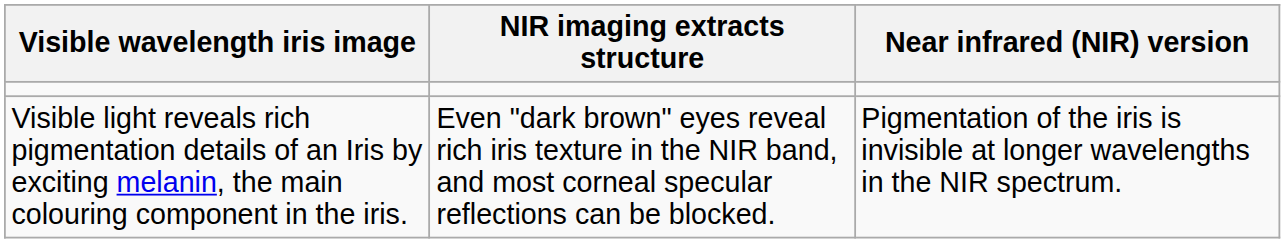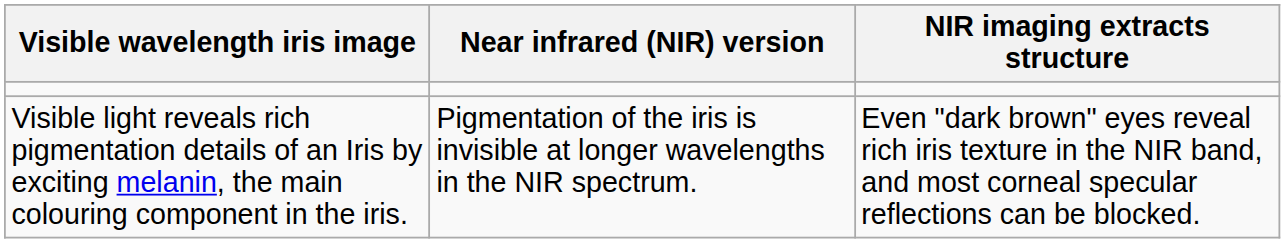 <table class="wikitable">
 <tr>
 <th style="width:230px">Visible wavelength iris image</th>
+<th style="width:230px">Near infrared (NIR) version</th>
 <th style="width:230px">NIR imaging extracts structure</th>
-<th style="width:230px">Near infrared (NIR) version</th>
 </tr>
 <tr>
 <td></td>
 <td></td>
 <td></td>
 </tr>
 <tr>
 <td>Visible light reveals rich pigmentation details of an Iris by exciting <a href='#'>melanin</a>, the main colouring component in the iris.</td>
+<td>Pigmentation of the iris is invisible at longer wavelengths in the NIR spectrum.<br> </td>
 <td>Even "dark brown" eyes reveal rich iris texture in the NIR band, and most corneal specular reflections can be blocked.</td>
-<td>Pigmentation of the iris is invisible at longer wavelengths in the NIR spectrum.<br> </td>
 </tr>
 </table>
